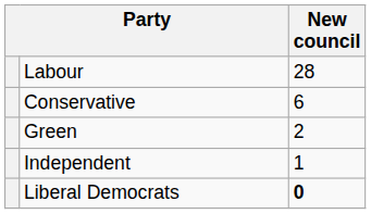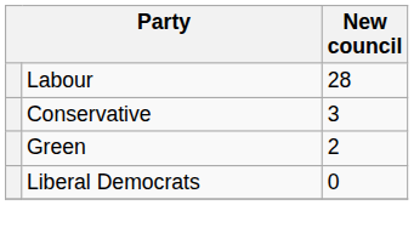 <table class="wikitable">
 <tr>
 <th valign=top colspan="2" style="width: 230px">Party</th>
 <th valign=top style="width: 30px">New council</th>
 </tr>
 <tr>
 <th style="background-color: "></th>
 <td>Labour</td>
 <td>28</td>
 </tr>
 <tr>
 <th style="background-color: "></th>
 <td>Conservative</td>
-<td>6</td>
+<td>3</td>
 </tr>
 <tr>
 <th style="background-color: "></th>
 <td>Green</td>
 <td>2</td>
 </tr>
 <tr>
 <th style="background-color: "></th>
-<td>Independent</td>
-<td>1</td>
-</tr>
-<tr>
-<th style="background-color: "></th>
 <td>Liberal Democrats</td>
-<td><strong>0</strong></td>
+<td>0</td>
 </tr>
 <tr>
 </tr>
 </table>
